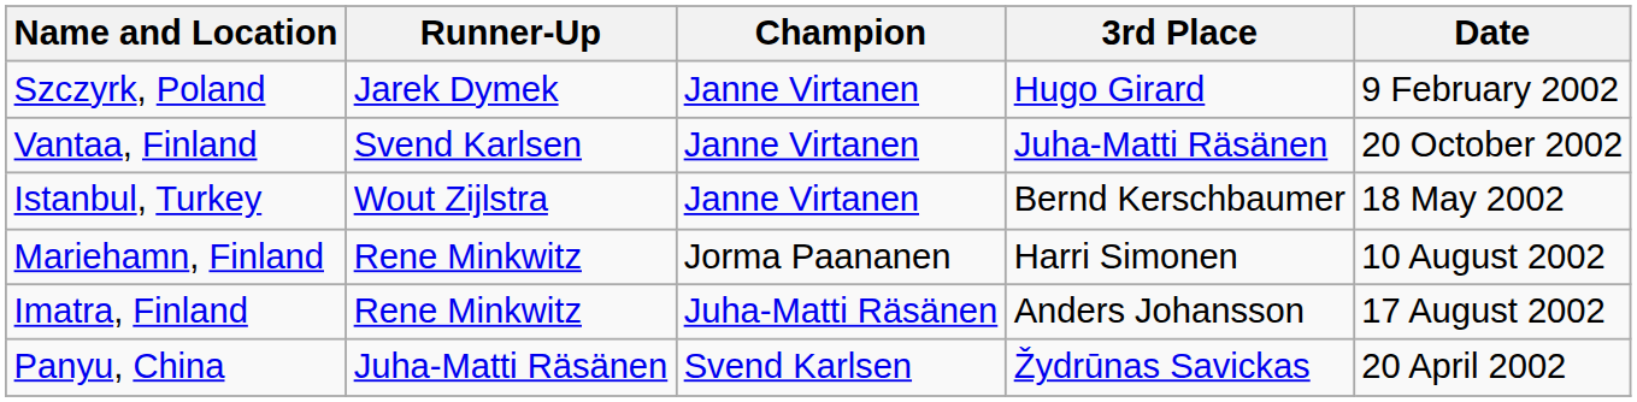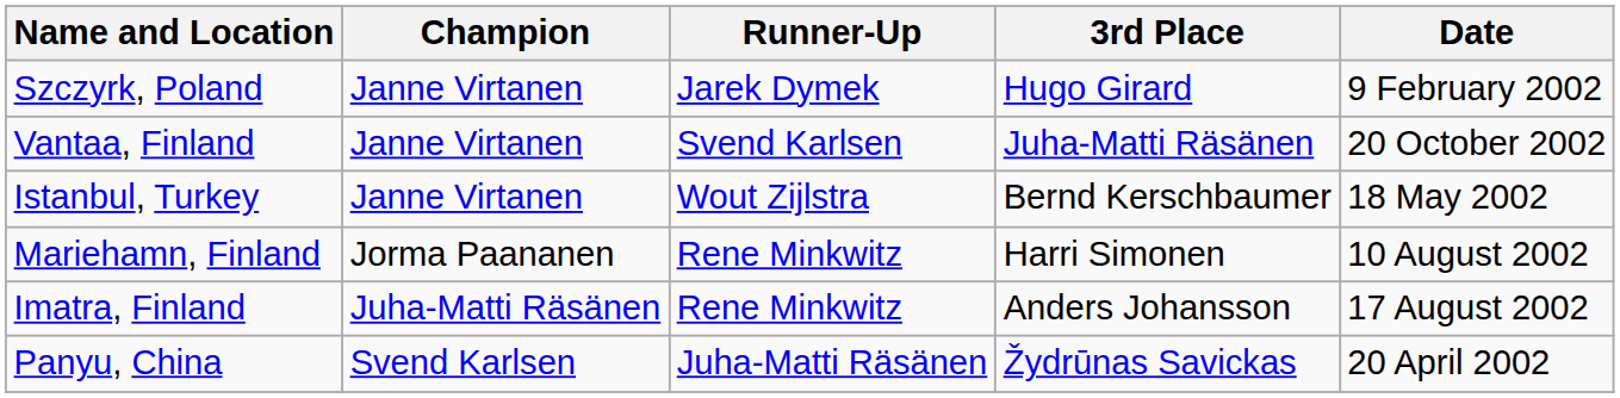 <table class="wikitable" style="display: inline-table">
 <tr>
 <th>Name and Location</th>
+<th>Champion</th>
 <th>Runner-Up</th>
-<th>Champion</th>
 <th>3rd Place</th>
 <th>Date</th>
 </tr>
 <tr>
 <td> <a href='#'>Szczyrk</a>, <a href='#'>Poland</a> <br> </td>
+<td> <a href='#'>Janne Virtanen</a></td>
 <td> <a href='#'>Jarek Dymek</a></td>
-<td> <a href='#'>Janne Virtanen</a></td>
 <td> <a href='#'>Hugo Girard</a></td>
 <td>9 February 2002</td>
 </tr>
 <tr>
 <td> <a href='#'>Vantaa</a>, <a href='#'>Finland</a> <br> </td>
+<td> <a href='#'>Janne Virtanen</a></td>
 <td> <a href='#'>Svend Karlsen</a></td>
-<td> <a href='#'>Janne Virtanen</a></td>
 <td> <a href='#'>Juha-Matti Räsänen</a></td>
 <td>20 October 2002</td>
 </tr>
 <tr>
 <td> <a href='#'>Istanbul</a>, <a href='#'>Turkey</a> <br> </td>
+<td> <a href='#'>Janne Virtanen</a></td>
 <td> <a href='#'>Wout Zijlstra</a></td>
-<td> <a href='#'>Janne Virtanen</a></td>
 <td> Bernd Kerschbaumer</td>
 <td>18 May 2002</td>
 </tr>
 <tr>
 <td> <a href='#'>Mariehamn</a>, <a href='#'>Finland</a> <br> </td>
+<td> Jorma Paananen</td>
 <td> <a href='#'>Rene Minkwitz</a></td>
-<td> Jorma Paananen</td>
 <td> Harri Simonen</td>
 <td>10 August 2002</td>
 </tr>
 <tr>
 <td> <a href='#'>Imatra</a>, <a href='#'>Finland</a> <br> </td>
+<td> <a href='#'>Juha-Matti Räsänen</a></td>
 <td> <a href='#'>Rene Minkwitz</a></td>
-<td> <a href='#'>Juha-Matti Räsänen</a></td>
 <td> Anders Johansson</td>
 <td>17 August 2002</td>
 </tr>
 <tr>
 <td> <a href='#'>Panyu</a>, <a href='#'>China</a> <br> </td>
+<td> <a href='#'>Svend Karlsen</a></td>
 <td> <a href='#'>Juha-Matti Räsänen</a></td>
-<td> <a href='#'>Svend Karlsen</a></td>
 <td> <a href='#'>Žydrūnas Savickas</a></td>
 <td>20 April 2002</td>
 </tr>
 </table>
